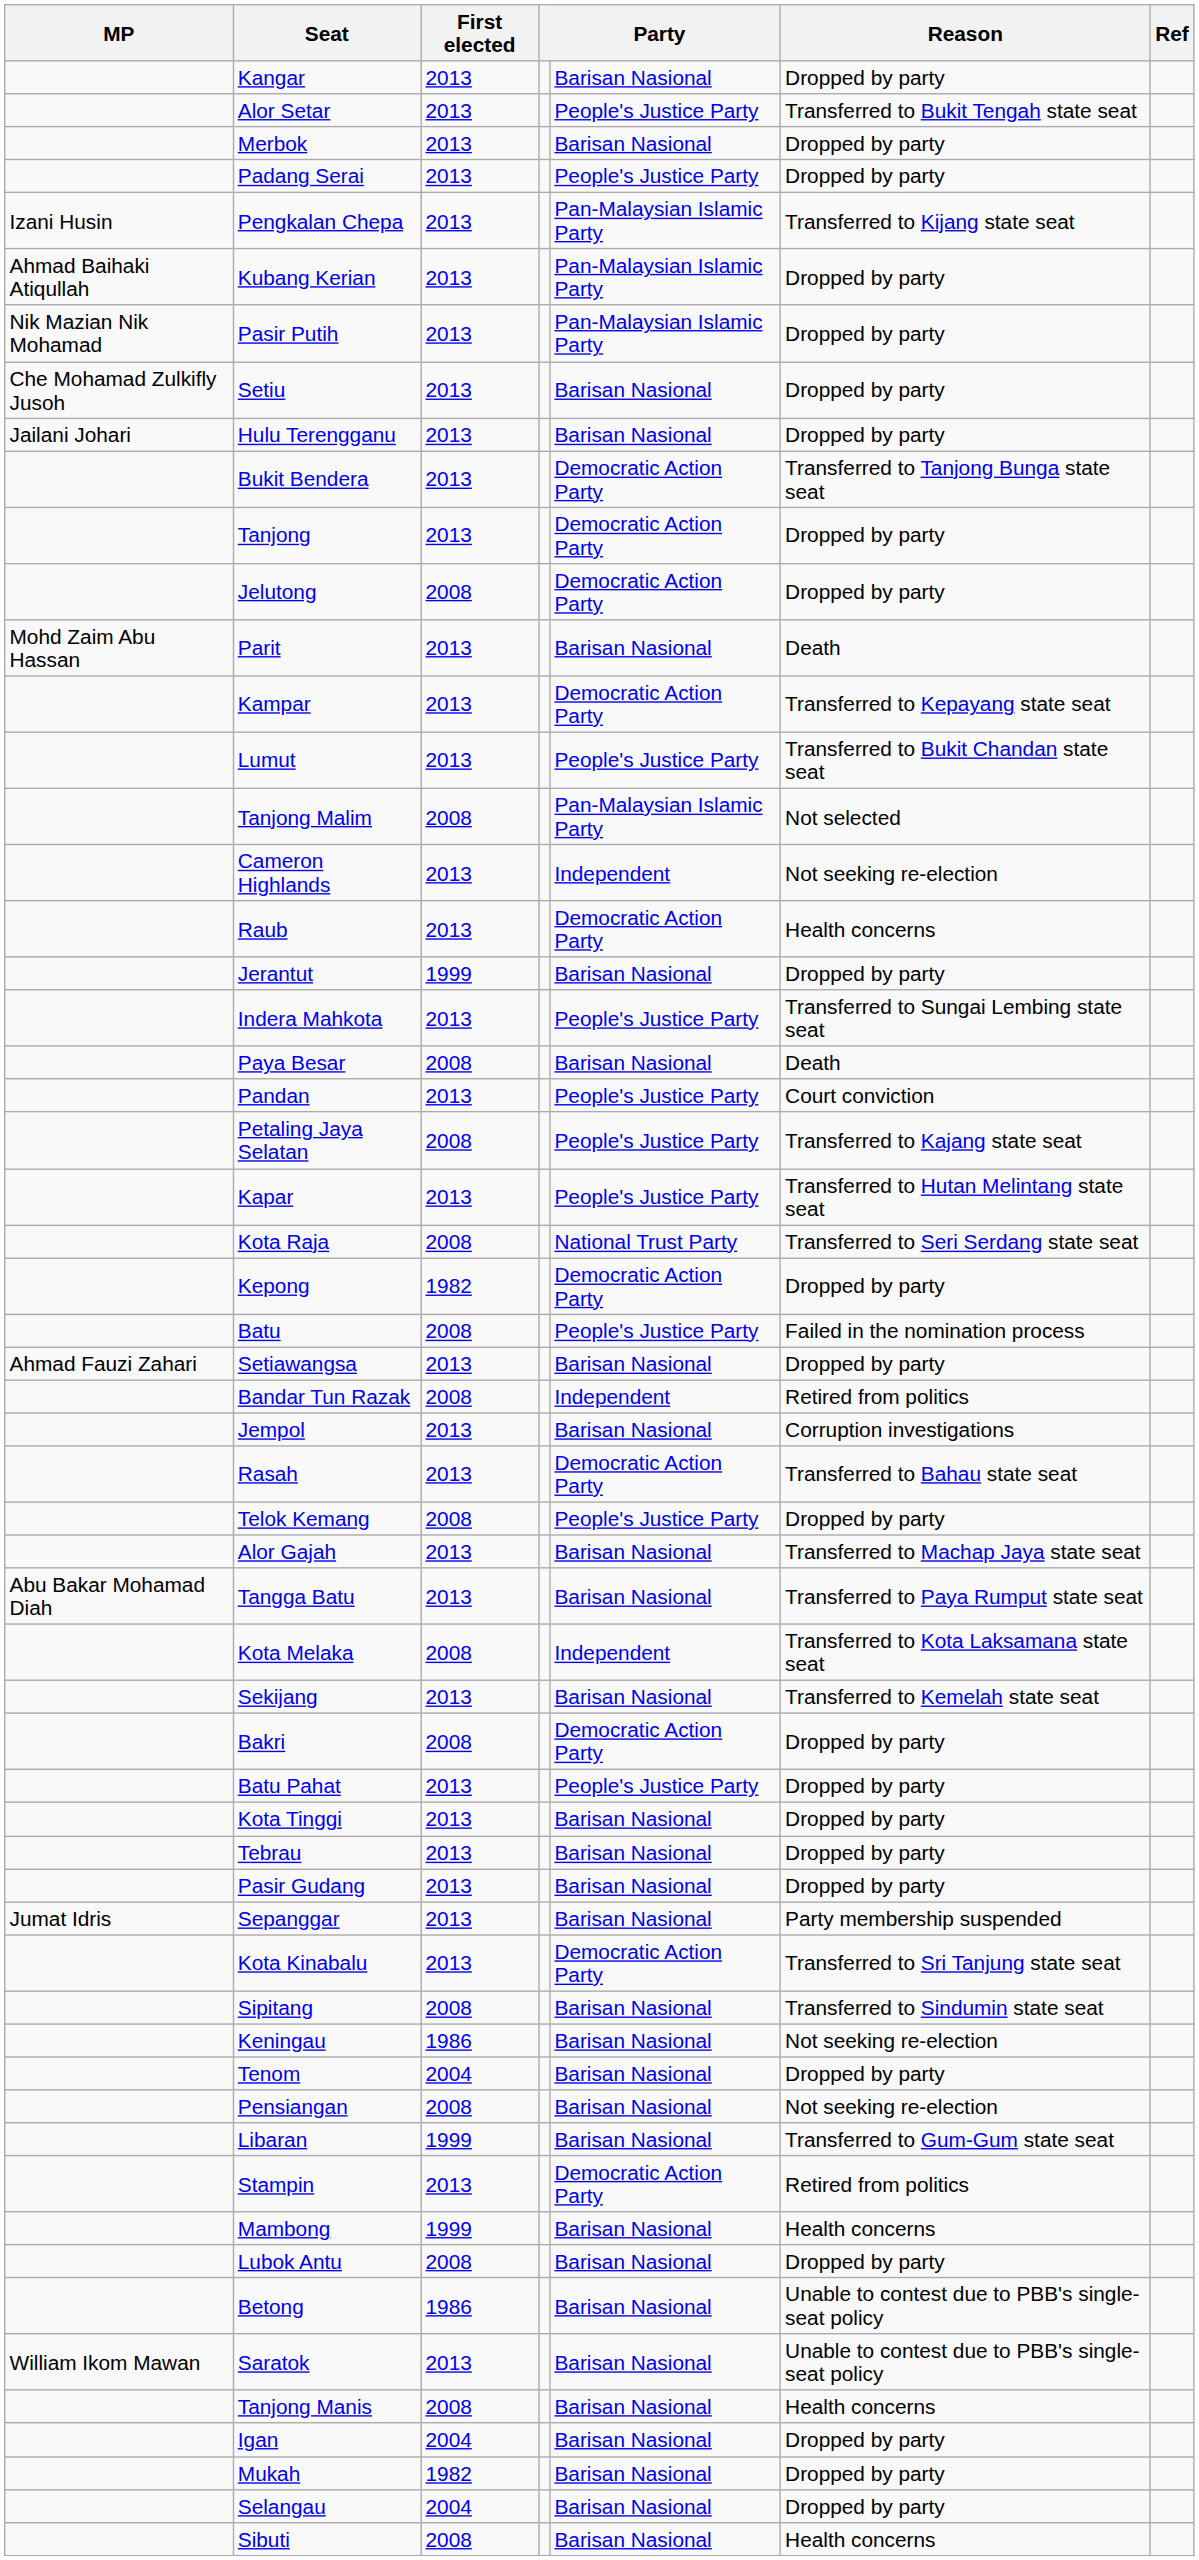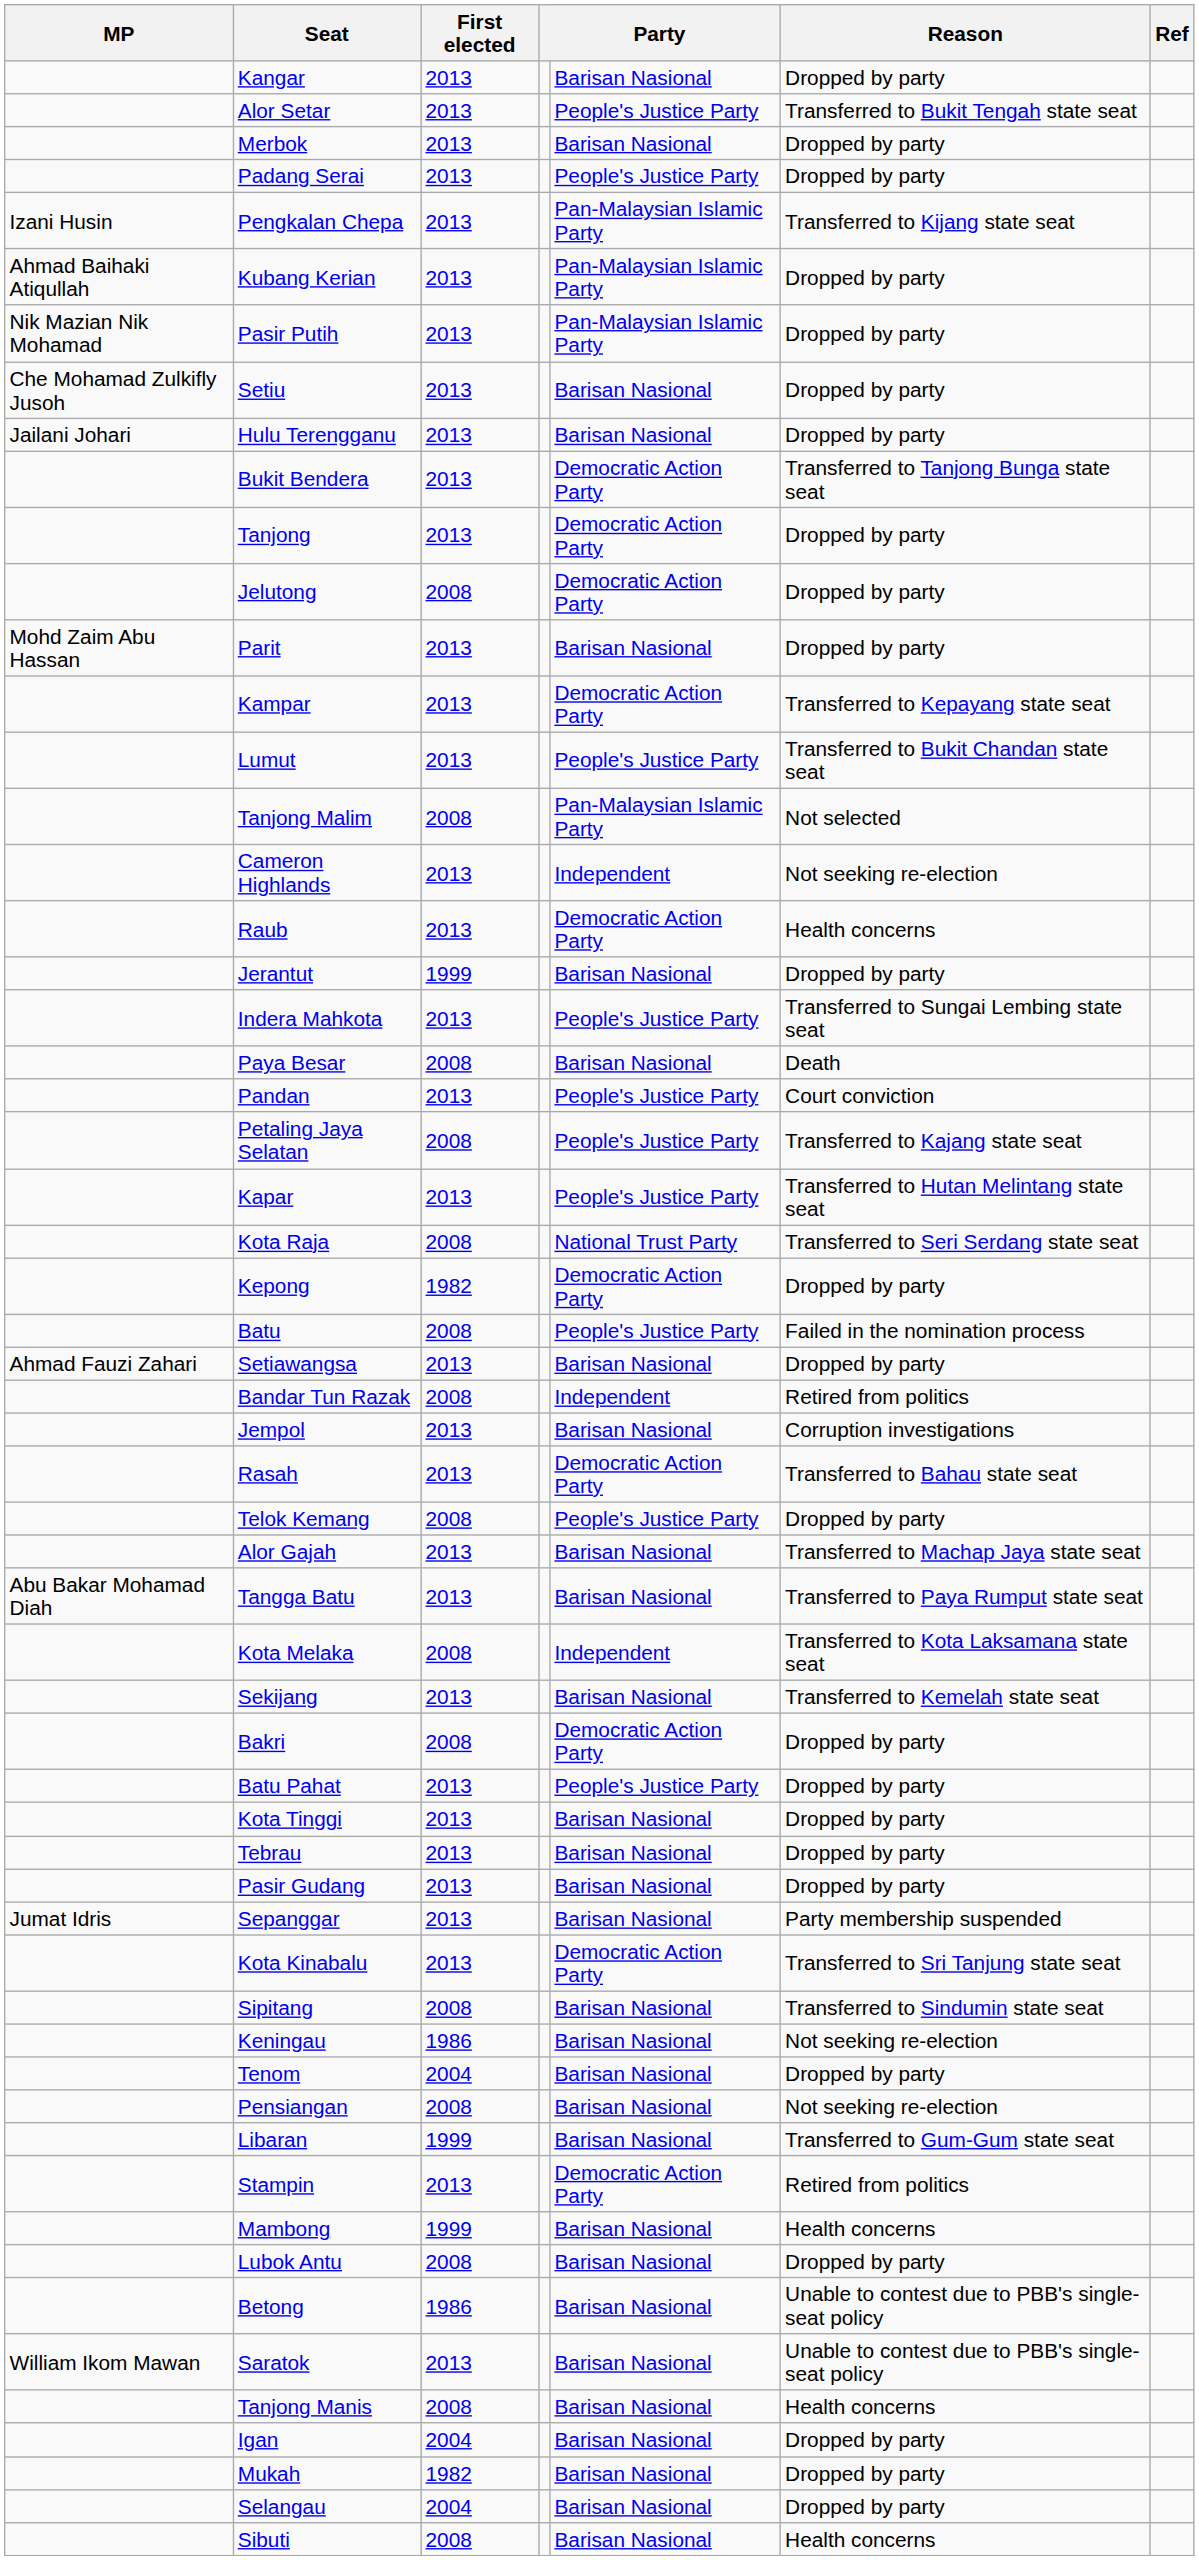 <table class="wikitable" style="font-size:95%;">
 <tr>
 <th scope="col">MP</th>
 <th scope="col">Seat</th>
 <th scope="col">First elected</th>
 <th colspan="2" scope="col">Party</th>
 <th scope="col">Reason</th>
 <th scope="col">Ref</th>
 </tr>
 <tr>
 <td></td>
 <td><a href='#'>Kangar</a></td>
 <td><a href='#'>2013</a></td>
 <td width="1"></td>
 <td><a href='#'>Barisan Nasional</a></td>
 <td>Dropped by party</td>
 <td></td>
 </tr>
 <tr>
 <td></td>
 <td><a href='#'>Alor Setar</a></td>
 <td><a href='#'>2013</a></td>
 <td width="1"></td>
 <td><a href='#'>People's Justice Party</a></td>
 <td>Transferred to <a href='#'>Bukit Tengah</a> state seat</td>
 <td></td>
 </tr>
 <tr>
 <td></td>
 <td><a href='#'>Merbok</a></td>
 <td><a href='#'>2013</a></td>
 <td width="1"></td>
 <td><a href='#'>Barisan Nasional</a></td>
 <td>Dropped by party</td>
 <td></td>
 </tr>
 <tr>
 <td></td>
 <td><a href='#'>Padang Serai</a></td>
 <td><a href='#'>2013</a></td>
 <td width="1"></td>
 <td><a href='#'>People's Justice Party</a></td>
 <td>Dropped by party</td>
 <td></td>
 </tr>
 <tr>
 <td>Izani Husin</td>
 <td><a href='#'>Pengkalan Chepa</a></td>
 <td><a href='#'>2013</a></td>
 <td width="1"></td>
 <td><a href='#'>Pan-Malaysian Islamic Party</a></td>
 <td>Transferred to <a href='#'>Kijang</a> state seat</td>
 <td></td>
 </tr>
 <tr>
 <td>Ahmad Baihaki Atiqullah</td>
 <td><a href='#'>Kubang Kerian</a></td>
 <td><a href='#'>2013</a></td>
 <td width="1"></td>
 <td><a href='#'>Pan-Malaysian Islamic Party</a></td>
 <td>Dropped by party</td>
 <td></td>
 </tr>
 <tr>
 <td>Nik Mazian Nik Mohamad</td>
 <td><a href='#'>Pasir Putih</a></td>
 <td><a href='#'>2013</a></td>
 <td width="1"></td>
 <td><a href='#'>Pan-Malaysian Islamic Party</a></td>
 <td>Dropped by party</td>
 <td></td>
 </tr>
 <tr>
 <td>Che Mohamad Zulkifly Jusoh</td>
 <td><a href='#'>Setiu</a></td>
 <td><a href='#'>2013</a></td>
 <td width="1"></td>
 <td><a href='#'>Barisan Nasional</a></td>
 <td>Dropped by party</td>
 <td></td>
 </tr>
 <tr>
 <td>Jailani Johari</td>
 <td><a href='#'>Hulu Terengganu</a></td>
 <td><a href='#'>2013</a></td>
 <td width="1"></td>
 <td><a href='#'>Barisan Nasional</a></td>
 <td>Dropped by party</td>
 <td></td>
 </tr>
 <tr>
 <td></td>
 <td><a href='#'>Bukit Bendera</a></td>
 <td><a href='#'>2013</a></td>
 <td width="1"></td>
 <td><a href='#'>Democratic Action Party</a></td>
 <td>Transferred to <a href='#'>Tanjong Bunga</a> state seat</td>
 <td></td>
 </tr>
 <tr>
 <td></td>
 <td><a href='#'>Tanjong</a></td>
 <td><a href='#'>2013</a></td>
 <td width="1"></td>
 <td><a href='#'>Democratic Action Party</a></td>
 <td>Dropped by party</td>
 <td></td>
 </tr>
 <tr>
 <td></td>
 <td><a href='#'>Jelutong</a></td>
 <td><a href='#'>2008</a></td>
 <td width="1"></td>
 <td><a href='#'>Democratic Action Party</a></td>
 <td>Dropped by party</td>
 <td></td>
 </tr>
 <tr>
 <td>Mohd Zaim Abu Hassan</td>
 <td><a href='#'>Parit</a></td>
 <td><a href='#'>2013</a></td>
 <td width="1"></td>
 <td><a href='#'>Barisan Nasional</a></td>
-<td>Death</td>
+<td>Dropped by party</td>
 <td></td>
 </tr>
 <tr>
 <td></td>
 <td><a href='#'>Kampar</a></td>
 <td><a href='#'>2013</a></td>
 <td width="1"></td>
 <td><a href='#'>Democratic Action Party</a></td>
 <td>Transferred to <a href='#'>Kepayang</a> state seat</td>
 <td></td>
 </tr>
 <tr>
 <td></td>
 <td><a href='#'>Lumut</a></td>
 <td><a href='#'>2013</a></td>
 <td width="1"></td>
 <td><a href='#'>People's Justice Party</a></td>
 <td>Transferred to <a href='#'>Bukit Chandan</a> state seat</td>
 <td></td>
 </tr>
 <tr>
 <td></td>
 <td><a href='#'>Tanjong Malim</a></td>
 <td><a href='#'>2008</a></td>
 <td width="1"></td>
 <td><a href='#'>Pan-Malaysian Islamic Party</a></td>
 <td>Not selected</td>
 <td></td>
 </tr>
 <tr>
 <td></td>
 <td><a href='#'>Cameron Highlands</a></td>
 <td><a href='#'>2013</a></td>
 <td width="1"></td>
 <td><a href='#'>Independent</a></td>
 <td>Not seeking re-election</td>
 <td></td>
 </tr>
 <tr>
 <td></td>
 <td><a href='#'>Raub</a></td>
 <td><a href='#'>2013</a></td>
 <td width="1"></td>
 <td><a href='#'>Democratic Action Party</a></td>
 <td>Health concerns</td>
 <td></td>
 </tr>
 <tr>
 <td></td>
 <td><a href='#'>Jerantut</a></td>
 <td><a href='#'>1999</a></td>
 <td width="1"></td>
 <td><a href='#'>Barisan Nasional</a></td>
 <td>Dropped by party</td>
 <td></td>
 </tr>
 <tr>
 <td></td>
 <td><a href='#'>Indera Mahkota</a></td>
 <td><a href='#'>2013</a></td>
 <td width="1"></td>
 <td><a href='#'>People's Justice Party</a></td>
 <td>Transferred to Sungai Lembing state seat</td>
 <td></td>
 </tr>
 <tr>
 <td></td>
 <td><a href='#'>Paya Besar</a></td>
 <td><a href='#'>2008</a></td>
 <td width="1"></td>
 <td><a href='#'>Barisan Nasional</a></td>
 <td>Death</td>
 <td></td>
 </tr>
 <tr>
 <td></td>
 <td><a href='#'>Pandan</a></td>
 <td><a href='#'>2013</a></td>
 <td width="1"></td>
 <td><a href='#'>People's Justice Party</a></td>
 <td>Court conviction</td>
 <td></td>
 </tr>
 <tr>
 <td></td>
 <td><a href='#'>Petaling Jaya Selatan</a></td>
 <td><a href='#'>2008</a></td>
 <td width="1"></td>
 <td><a href='#'>People's Justice Party</a></td>
 <td>Transferred to <a href='#'>Kajang</a> state seat</td>
 <td></td>
 </tr>
 <tr>
 <td></td>
 <td><a href='#'>Kapar</a></td>
 <td><a href='#'>2013</a></td>
 <td width="1"></td>
 <td><a href='#'>People's Justice Party</a></td>
 <td>Transferred to <a href='#'>Hutan Melintang</a> state seat</td>
 <td></td>
 </tr>
 <tr>
 <td></td>
 <td><a href='#'>Kota Raja</a></td>
 <td><a href='#'>2008</a></td>
 <td width="1"></td>
 <td><a href='#'>National Trust Party</a></td>
 <td>Transferred to <a href='#'>Seri Serdang</a> state seat</td>
 <td></td>
 </tr>
 <tr>
 <td></td>
 <td><a href='#'>Kepong</a></td>
 <td><a href='#'>1982</a></td>
 <td width="1"></td>
 <td><a href='#'>Democratic Action Party</a></td>
 <td>Dropped by party</td>
 <td></td>
 </tr>
 <tr>
 <td></td>
 <td><a href='#'>Batu</a></td>
 <td><a href='#'>2008</a></td>
 <td width="1"></td>
 <td><a href='#'>People's Justice Party</a></td>
 <td>Failed in the nomination process</td>
 <td></td>
 </tr>
 <tr>
 <td>Ahmad Fauzi Zahari</td>
 <td><a href='#'>Setiawangsa</a></td>
 <td><a href='#'>2013</a></td>
 <td width="1"></td>
 <td><a href='#'>Barisan Nasional</a></td>
 <td>Dropped by party</td>
 <td></td>
 </tr>
 <tr>
 <td></td>
 <td><a href='#'>Bandar Tun Razak</a></td>
 <td><a href='#'>2008</a></td>
 <td width="1"></td>
 <td><a href='#'>Independent</a></td>
 <td>Retired from politics</td>
 <td></td>
 </tr>
 <tr>
 <td></td>
 <td><a href='#'>Jempol</a></td>
 <td><a href='#'>2013</a></td>
 <td width="1"></td>
 <td><a href='#'>Barisan Nasional</a></td>
 <td>Corruption investigations</td>
 <td></td>
 </tr>
 <tr>
 <td></td>
 <td><a href='#'>Rasah</a></td>
 <td><a href='#'>2013</a></td>
 <td width="1"></td>
 <td><a href='#'>Democratic Action Party</a></td>
 <td>Transferred to <a href='#'>Bahau</a> state seat</td>
 <td></td>
 </tr>
 <tr>
 <td></td>
 <td><a href='#'>Telok Kemang</a></td>
 <td><a href='#'>2008</a></td>
 <td width="1"></td>
 <td><a href='#'>People's Justice Party</a></td>
 <td>Dropped by party</td>
 <td></td>
 </tr>
 <tr>
 <td></td>
 <td><a href='#'>Alor Gajah</a></td>
 <td><a href='#'>2013</a></td>
 <td width="1"></td>
 <td><a href='#'>Barisan Nasional</a></td>
 <td>Transferred to <a href='#'>Machap Jaya</a> state seat</td>
 <td></td>
 </tr>
 <tr>
 <td>Abu Bakar Mohamad Diah</td>
 <td><a href='#'>Tangga Batu</a></td>
 <td><a href='#'>2013</a></td>
 <td width="1"></td>
 <td><a href='#'>Barisan Nasional</a></td>
 <td>Transferred to <a href='#'>Paya Rumput</a> state seat</td>
 <td></td>
 </tr>
 <tr>
 <td></td>
 <td><a href='#'>Kota Melaka</a></td>
 <td><a href='#'>2008</a></td>
 <td width="1"></td>
 <td><a href='#'>Independent</a></td>
 <td>Transferred to <a href='#'>Kota Laksamana</a> state seat</td>
 <td></td>
 </tr>
 <tr>
 <td></td>
 <td><a href='#'>Sekijang</a></td>
 <td><a href='#'>2013</a></td>
 <td width="1"></td>
 <td><a href='#'>Barisan Nasional</a></td>
 <td>Transferred to <a href='#'>Kemelah</a> state seat</td>
 <td></td>
 </tr>
 <tr>
 <td></td>
 <td><a href='#'>Bakri</a></td>
 <td><a href='#'>2008</a></td>
 <td width="1"></td>
 <td><a href='#'>Democratic Action Party</a></td>
 <td>Dropped by party</td>
 <td></td>
 </tr>
 <tr>
 <td></td>
 <td><a href='#'>Batu Pahat</a></td>
 <td><a href='#'>2013</a></td>
 <td width="1"></td>
 <td><a href='#'>People's Justice Party</a></td>
 <td>Dropped by party</td>
 <td></td>
 </tr>
 <tr>
 <td></td>
 <td><a href='#'>Kota Tinggi</a></td>
 <td><a href='#'>2013</a></td>
 <td width="1"></td>
 <td><a href='#'>Barisan Nasional</a></td>
 <td>Dropped by party</td>
 <td></td>
 </tr>
 <tr>
 <td></td>
 <td><a href='#'>Tebrau</a></td>
 <td><a href='#'>2013</a></td>
 <td width="1"></td>
 <td><a href='#'>Barisan Nasional</a></td>
 <td>Dropped by party</td>
 <td></td>
 </tr>
 <tr>
 <td></td>
 <td><a href='#'>Pasir Gudang</a></td>
 <td><a href='#'>2013</a></td>
 <td width="1"></td>
 <td><a href='#'>Barisan Nasional</a></td>
 <td>Dropped by party</td>
 <td></td>
 </tr>
 <tr>
 <td>Jumat Idris</td>
 <td><a href='#'>Sepanggar</a></td>
 <td><a href='#'>2013</a></td>
 <td width="1"></td>
 <td><a href='#'>Barisan Nasional</a></td>
 <td>Party membership suspended</td>
 <td></td>
 </tr>
 <tr>
 <td></td>
 <td><a href='#'>Kota Kinabalu</a></td>
 <td><a href='#'>2013</a></td>
 <td width="1"></td>
 <td><a href='#'>Democratic Action Party</a></td>
 <td>Transferred to <a href='#'>Sri Tanjung</a> state seat</td>
 <td></td>
 </tr>
 <tr>
 <td></td>
 <td><a href='#'>Sipitang</a></td>
 <td><a href='#'>2008</a></td>
 <td width="1"></td>
 <td><a href='#'>Barisan Nasional</a></td>
 <td>Transferred to <a href='#'>Sindumin</a> state seat</td>
 <td></td>
 </tr>
 <tr>
 <td></td>
 <td><a href='#'>Keningau</a></td>
 <td><a href='#'>1986</a></td>
 <td width="1"></td>
 <td><a href='#'>Barisan Nasional</a></td>
 <td>Not seeking re-election</td>
 <td></td>
 </tr>
 <tr>
 <td></td>
 <td><a href='#'>Tenom</a></td>
 <td><a href='#'>2004</a></td>
 <td width="1"></td>
 <td><a href='#'>Barisan Nasional</a></td>
 <td>Dropped by party</td>
 <td></td>
 </tr>
 <tr>
 <td></td>
 <td><a href='#'>Pensiangan</a></td>
 <td><a href='#'>2008</a></td>
 <td width="1"></td>
 <td><a href='#'>Barisan Nasional</a></td>
 <td>Not seeking re-election</td>
 <td></td>
 </tr>
 <tr>
 <td></td>
 <td><a href='#'>Libaran</a></td>
 <td><a href='#'>1999</a></td>
 <td width="1"></td>
 <td><a href='#'>Barisan Nasional</a></td>
 <td>Transferred to <a href='#'>Gum-Gum</a> state seat</td>
 <td></td>
 </tr>
 <tr>
 <td></td>
 <td><a href='#'>Stampin</a></td>
 <td><a href='#'>2013</a></td>
 <td width="1"></td>
 <td><a href='#'>Democratic Action Party</a></td>
 <td>Retired from politics</td>
 <td></td>
 </tr>
 <tr>
 <td></td>
 <td><a href='#'>Mambong</a></td>
 <td><a href='#'>1999</a></td>
 <td width="1"></td>
 <td><a href='#'>Barisan Nasional</a></td>
 <td>Health concerns</td>
 <td></td>
 </tr>
 <tr>
 <td></td>
 <td><a href='#'>Lubok Antu</a></td>
 <td><a href='#'>2008</a></td>
 <td width="1"></td>
 <td><a href='#'>Barisan Nasional</a></td>
 <td>Dropped by party</td>
 <td></td>
 </tr>
 <tr>
 <td></td>
 <td><a href='#'>Betong</a></td>
 <td><a href='#'>1986</a></td>
 <td width="1"></td>
 <td><a href='#'>Barisan Nasional</a></td>
 <td>Unable to contest due to PBB's single-seat policy</td>
 <td></td>
 </tr>
 <tr>
 <td>William Ikom Mawan</td>
 <td><a href='#'>Saratok</a></td>
 <td><a href='#'>2013</a></td>
 <td width="1"></td>
 <td><a href='#'>Barisan Nasional</a></td>
 <td>Unable to contest due to PBB's single-seat policy</td>
 <td></td>
 </tr>
 <tr>
 <td></td>
 <td><a href='#'>Tanjong Manis</a></td>
 <td><a href='#'>2008</a></td>
 <td width="1"></td>
 <td><a href='#'>Barisan Nasional</a></td>
 <td>Health concerns</td>
 <td></td>
 </tr>
 <tr>
 <td></td>
 <td><a href='#'>Igan</a></td>
 <td><a href='#'>2004</a></td>
 <td width="1"></td>
 <td><a href='#'>Barisan Nasional</a></td>
 <td>Dropped by party</td>
 <td></td>
 </tr>
 <tr>
 <td></td>
 <td><a href='#'>Mukah</a></td>
 <td><a href='#'>1982</a></td>
 <td width="1"></td>
 <td><a href='#'>Barisan Nasional</a></td>
 <td>Dropped by party</td>
 <td></td>
 </tr>
 <tr>
 <td></td>
 <td><a href='#'>Selangau</a></td>
 <td><a href='#'>2004</a></td>
 <td width="1"></td>
 <td><a href='#'>Barisan Nasional</a></td>
 <td>Dropped by party</td>
 <td></td>
 </tr>
 <tr>
 <td></td>
 <td><a href='#'>Sibuti</a></td>
 <td><a href='#'>2008</a></td>
 <td width="1"></td>
 <td><a href='#'>Barisan Nasional</a></td>
 <td>Health concerns</td>
 <td></td>
 </tr>
 </table>
